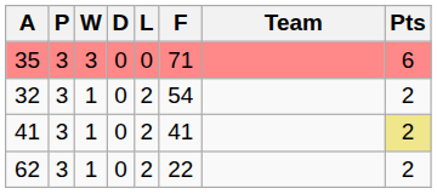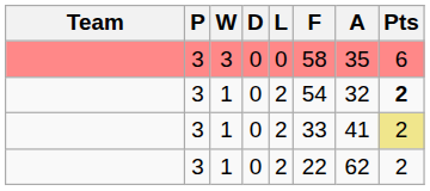 <table class="wikitable" style="text-align:center;">
 <tr>
-<th width="23px">A</th>
+<th width="120px">Team</th>
 <th>P</th>
 <th>W</th>
 <th>D</th>
 <th>L</th>
 <th width="23px">F</th>
-<th width="120px">Team</th>
+<th width="23px">A</th>
 <th width="23px">Pts</th>
 </tr>
 <tr bgcolor="#FF8888">
-<td>35</td>
+<td></td>
 <td>3</td>
 <td>3</td>
 <td>0</td>
 <td>0</td>
-<td>71</td>
-<td></td>
+<td>58</td>
+<td>35</td>
 <td>6</td>
 </tr>
 <tr>
-<td>32</td>
+<td></td>
 <td>3</td>
 <td>1</td>
 <td>0</td>
 <td>2</td>
 <td>54</td>
-<td></td>
-<td>2</td>
+<td>32</td>
+<td><strong>2</strong></td>
 </tr>
 <tr>
-<td>41</td>
+<td></td>
 <td>3</td>
 <td>1</td>
 <td>0</td>
 <td>2</td>
+<td>33</td>
 <td>41</td>
-<td></td>
 <td style="background: khaki;">2</td>
 </tr>
 <tr>
-<td>62</td>
+<td></td>
 <td>3</td>
 <td>1</td>
 <td>0</td>
 <td>2</td>
 <td>22</td>
-<td></td>
+<td>62</td>
 <td>2</td>
 </tr>
 </table>
